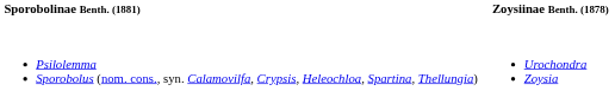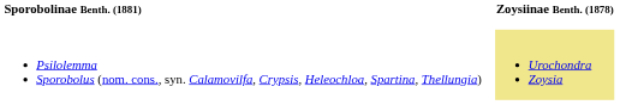 <table style="text-align:left; border-spacing:1em;">
 <tr>
 <th>Sporobolinae <small>Benth. (1881)</small></th>
 <th>Zoysiinae <small>Benth. (1878)</small></th>
 </tr>
 <tr style="vertical-align:top;">
 <td><br><ul><li><em><a href='#'>Psilolemma</a></em></li><li><em><a href='#'>Sporobolus</a></em> (<a href='#'>nom. cons.</a>, syn. <em><a href='#'>Calamovilfa</a></em>, <em><a href='#'>Crypsis</a></em>, <em><a href='#'>Heleochloa</a></em>, <em><a href='#'>Spartina</a></em>, <em><a href='#'>Thellungia</a></em>)</li></ul></td>
-<td><br><ul><li><em><a href='#'>Urochondra</a></em></li><li><em><a href='#'>Zoysia</a></em></li></ul></td>
+<td style="background: khaki;"><br><ul><li><em><a href='#'>Urochondra</a></em></li><li><em><a href='#'>Zoysia</a></em></li></ul></td>
 </tr>
 </table>
